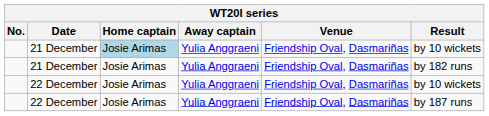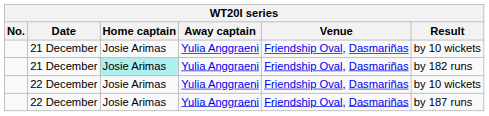 <table class="wikitable">
 <tr>
 <th colspan="8">WT20I series</th>
 </tr>
 <tr>
 <th>No.</th>
 <th>Date</th>
 <th>Home captain</th>
 <th>Away captain</th>
 <th>Venue</th>
 <th>Result</th>
 </tr>
 <tr>
 <td></td>
 <td>21 December</td>
-<td style="background: lightblue;">Josie Arimas</td>
+<td>Josie Arimas</td>
 <td><a href='#'>Yulia Anggraeni</a></td>
 <td><a href='#'>Friendship Oval</a>, <a href='#'>Dasmariñas</a></td>
 <td> by 10 wickets</td>
 </tr>
 <tr>
 <td></td>
 <td>21 December</td>
-<td>Josie Arimas</td>
+<td style="background: paleturquoise;">Josie Arimas</td>
 <td><a href='#'>Yulia Anggraeni</a></td>
 <td><a href='#'>Friendship Oval</a>, <a href='#'>Dasmariñas</a></td>
 <td> by 182 runs</td>
 </tr>
 <tr>
 <td></td>
 <td>22 December</td>
 <td>Josie Arimas</td>
 <td><a href='#'>Yulia Anggraeni</a></td>
 <td><a href='#'>Friendship Oval</a>, <a href='#'>Dasmariñas</a></td>
 <td> by 10 wickets</td>
 </tr>
 <tr>
 <td></td>
 <td>22 December</td>
 <td>Josie Arimas</td>
 <td><a href='#'>Yulia Anggraeni</a></td>
 <td><a href='#'>Friendship Oval</a>, <a href='#'>Dasmariñas</a></td>
 <td> by 187 runs</td>
 </tr>
 </table>
